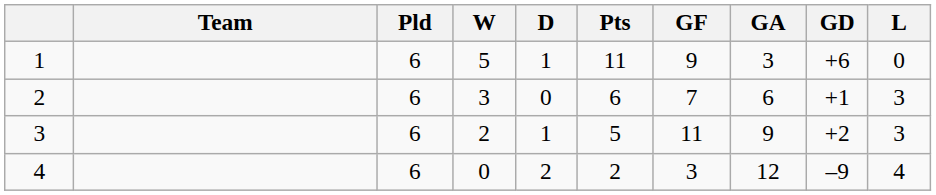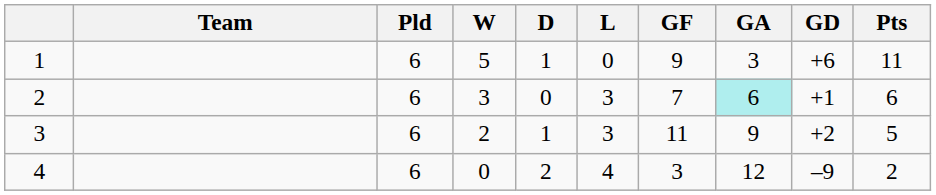 <table class="wikitable" style="text-align: center;">
 <tr>
 <th style="width: 40px;"></th>
 <th style="width: 200px;">Team</th>
 <th style="width: 45px;">Pld</th>
 <th style="width: 35px;">W</th>
 <th style="width: 35px;">D</th>
-<th style="width: 45px;">Pts</th>
+<th style="width: 35px;">L</th>
 <th style="width: 45px;">GF</th>
 <th style="width: 45px;">GA</th>
 <th style="width: 35px;">GD</th>
-<th style="width: 35px;">L</th>
+<th style="width: 45px;">Pts</th>
 </tr>
 <tr>
 <td>1</td>
 <td style="text-align: left;"></td>
 <td>6</td>
 <td>5</td>
 <td>1</td>
-<td>11</td>
+<td>0</td>
 <td>9</td>
 <td>3</td>
 <td>+6</td>
-<td>0</td>
+<td>11</td>
 </tr>
 <tr>
 <td>2</td>
 <td style="text-align: left;"></td>
 <td>6</td>
 <td>3</td>
 <td>0</td>
+<td>3</td>
+<td>7</td>
+<td style="background: paleturquoise;">6</td>
+<td>+1</td>
 <td>6</td>
-<td>7</td>
-<td>6</td>
-<td>+1</td>
-<td>3</td>
 </tr>
 <tr>
 <td>3</td>
 <td style="text-align: left;"></td>
 <td>6</td>
 <td>2</td>
 <td>1</td>
-<td>5</td>
+<td>3</td>
 <td>11</td>
 <td>9</td>
 <td>+2</td>
-<td>3</td>
+<td>5</td>
 </tr>
 <tr>
 <td>4</td>
 <td style="text-align: left;"></td>
 <td>6</td>
 <td>0</td>
 <td>2</td>
-<td>2</td>
+<td>4</td>
 <td>3</td>
 <td>12</td>
 <td>–9</td>
-<td>4</td>
+<td>2</td>
 </tr>
 </table>
